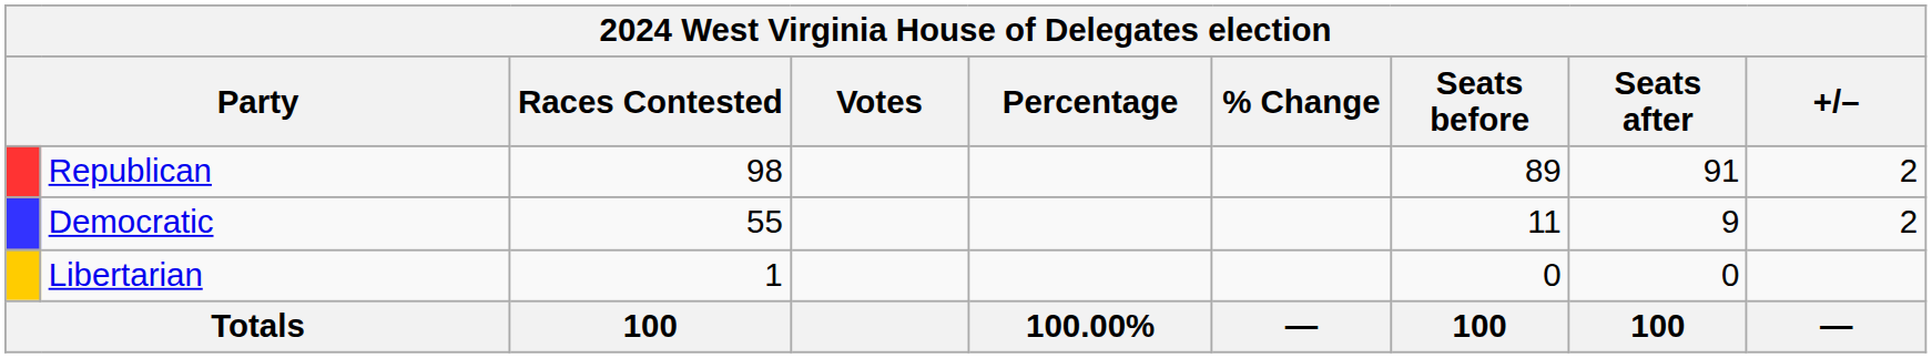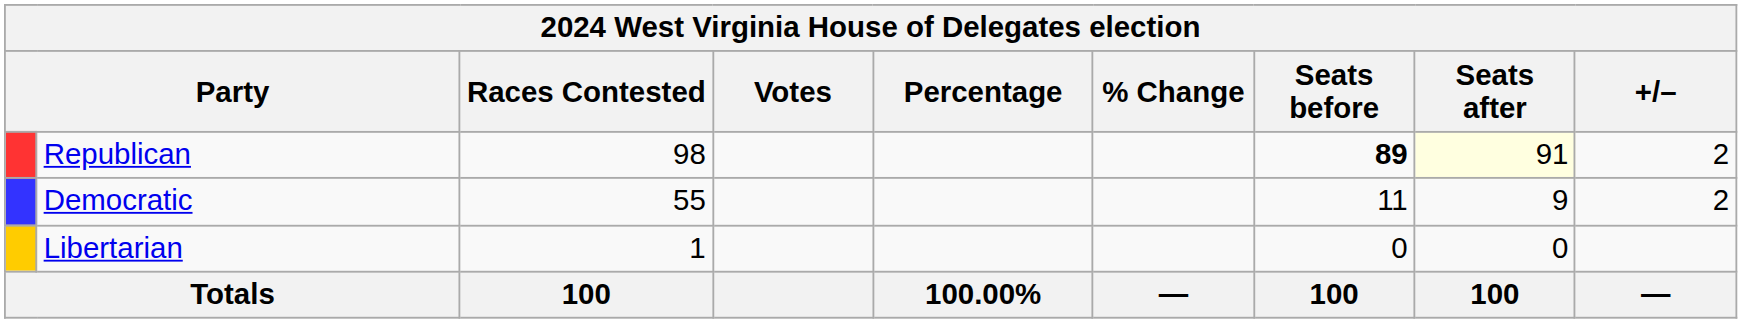 <table class="wikitable">
 <tr>
 <th colspan="10">2024 West Virginia House of Delegates election</th>
 </tr>
 <tr align="center">
 <th colspan="2" style="width: 15em">Party</th>
 <th>Races Contested</th>
 <th style="width: 5em">Votes</th>
 <th style="width: 7em">Percentage</th>
 <th style="width: 5em">% Change</th>
 <th style="width: 5em">Seats<br>before</th>
 <th style="width: 5em">Seats<br>after</th>
 <th style="width: 5em">+/–</th>
 </tr>
 <tr>
 <th style="background-color:#FF3333; width: 3px"></th>
 <td style="width: 130px"><a href='#'>Republican</a></td>
 <td align="right">98</td>
 <td align="right"></td>
 <td align="right"></td>
 <td align="right"></td>
-<td align="right">89</td>
-<td align="right">91</td>
+<td align="right"><strong>89</strong></td>
+<td align="right" style="background: lightyellow;">91</td>
 <td align="right"> 2</td>
 </tr>
 <tr>
 <th style="background-color:#3333FF; width: 3px"></th>
 <td style="width: 130px"><a href='#'>Democratic</a></td>
 <td align="right">55</td>
 <td align="right"></td>
 <td align="right"></td>
 <td align="right"></td>
 <td align="right">11</td>
 <td align="right">9</td>
 <td align="right"> 2</td>
 </tr>
 <tr>
 <th style="background-color:#FC0; width: 3px"></th>
 <td><a href='#'>Libertarian</a></td>
 <td align="right">1</td>
 <td align="right"></td>
 <td align="right"></td>
 <td align="right"></td>
 <td align="right">0</td>
 <td align="right">0</td>
 <td align="right"></td>
 </tr>
 <tr>
 <th colspan="2" align="right">Totals</th>
 <th align="right">100</th>
 <th align="right"></th>
 <th align="right">100.00%</th>
 <th>—</th>
 <th>100</th>
 <th>100</th>
 <th>—</th>
 </tr>
 </table>
